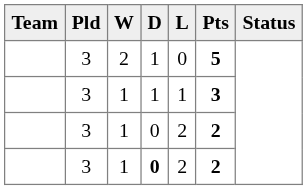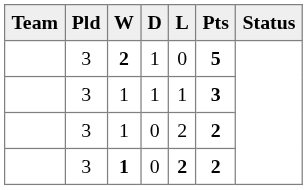 <table style=border-collapse:collapse border=1 cellspacing=0 cellpadding=5>
 <tr align=center bgcolor=#efefef>
 <th>Team</th>
 <th>Pld</th>
 <th>W</th>
 <th>D</th>
 <th>L</th>
 <th>Pts</th>
 <th>Status</th>
 </tr>
 <tr align=center style="background:#FFFFFF;">
 <td style="text-align:left;"> </td>
 <td>3</td>
-<td>2</td>
+<td><strong>2</strong></td>
 <td>1</td>
 <td>0</td>
 <td><strong>5</strong></td>
 <td rowspan=4></td>
 </tr>
 <tr align=center style="background:#FFFFFF;">
 <td style="text-align:left;"> </td>
 <td>3</td>
 <td>1</td>
 <td>1</td>
 <td>1</td>
 <td><strong>3</strong></td>
 </tr>
 <tr align=center style="background:#FFFFFF;">
 <td style="text-align:left;"> </td>
 <td>3</td>
 <td>1</td>
 <td>0</td>
 <td>2</td>
 <td><strong>2</strong></td>
 </tr>
 <tr align=center style="background:#FFFFFF;">
 <td style="text-align:left;"> </td>
 <td>3</td>
-<td>1</td>
-<td><strong>0</strong></td>
-<td>2</td>
+<td><strong>1</strong></td>
+<td>0</td>
+<td><strong>2</strong></td>
 <td><strong>2</strong></td>
 </tr>
 </table>
